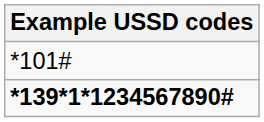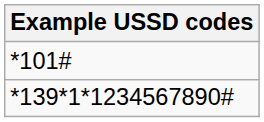 <table class="wikitable">
 <tr>
 <th>Example USSD codes</th>
 </tr>
 <tr>
 <td>*101#</td>
 </tr>
 <tr>
-<td><strong>*139*1*1234567890#</strong></td>
+<td>*139*1*1234567890#</td>
 </tr>
 </table>
